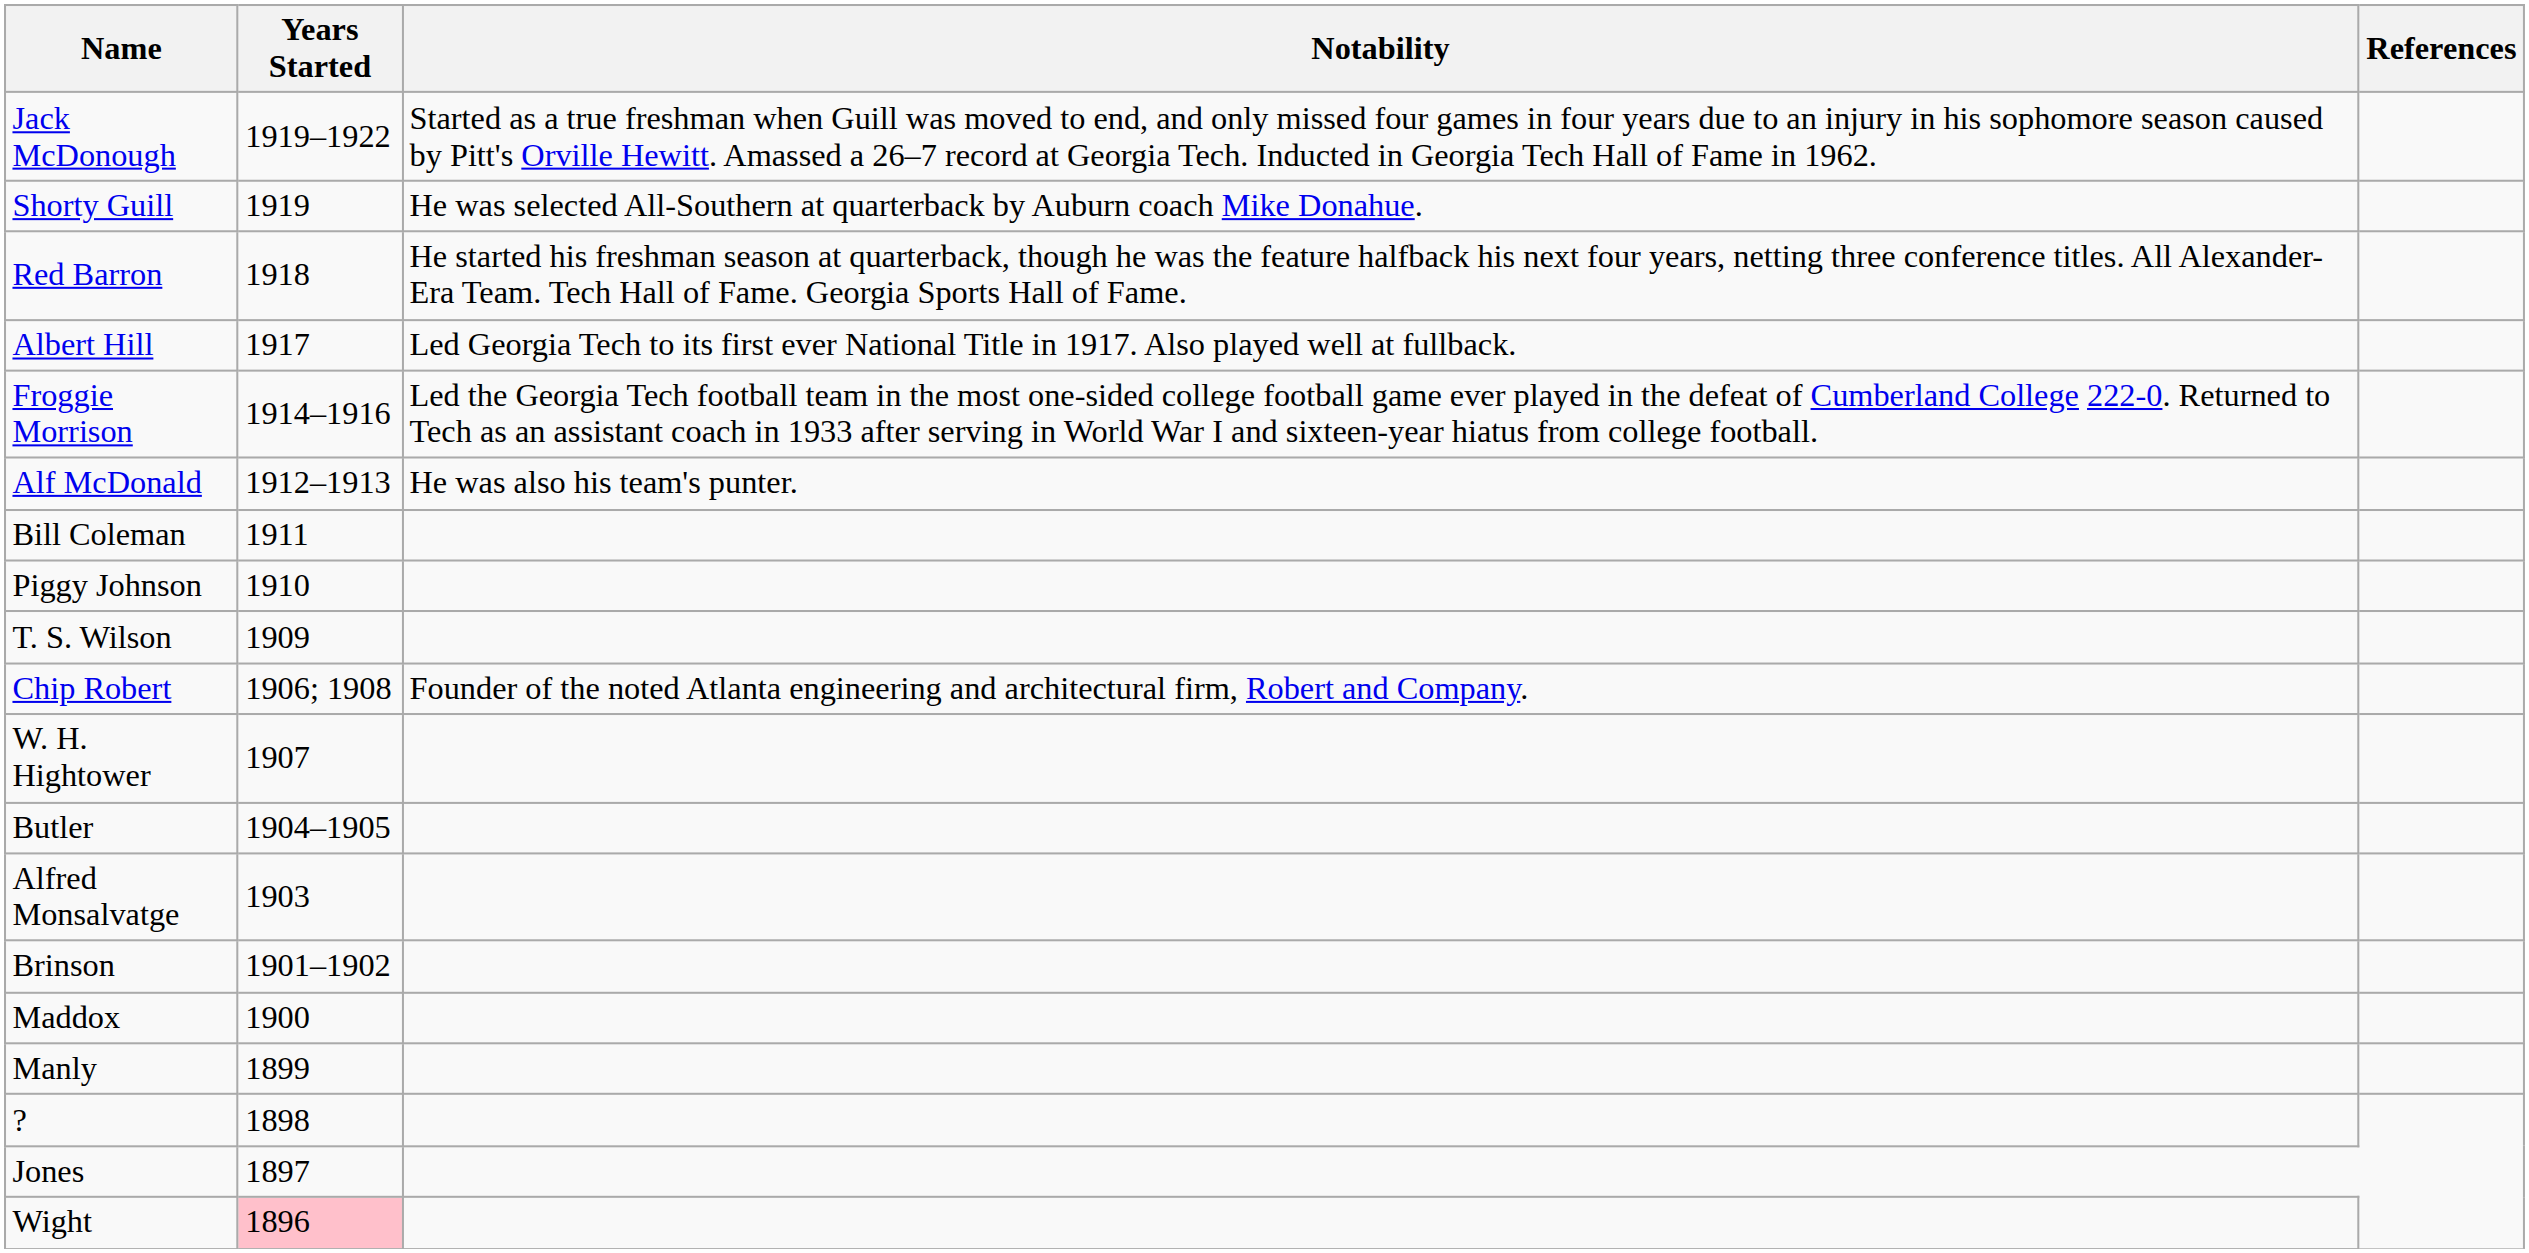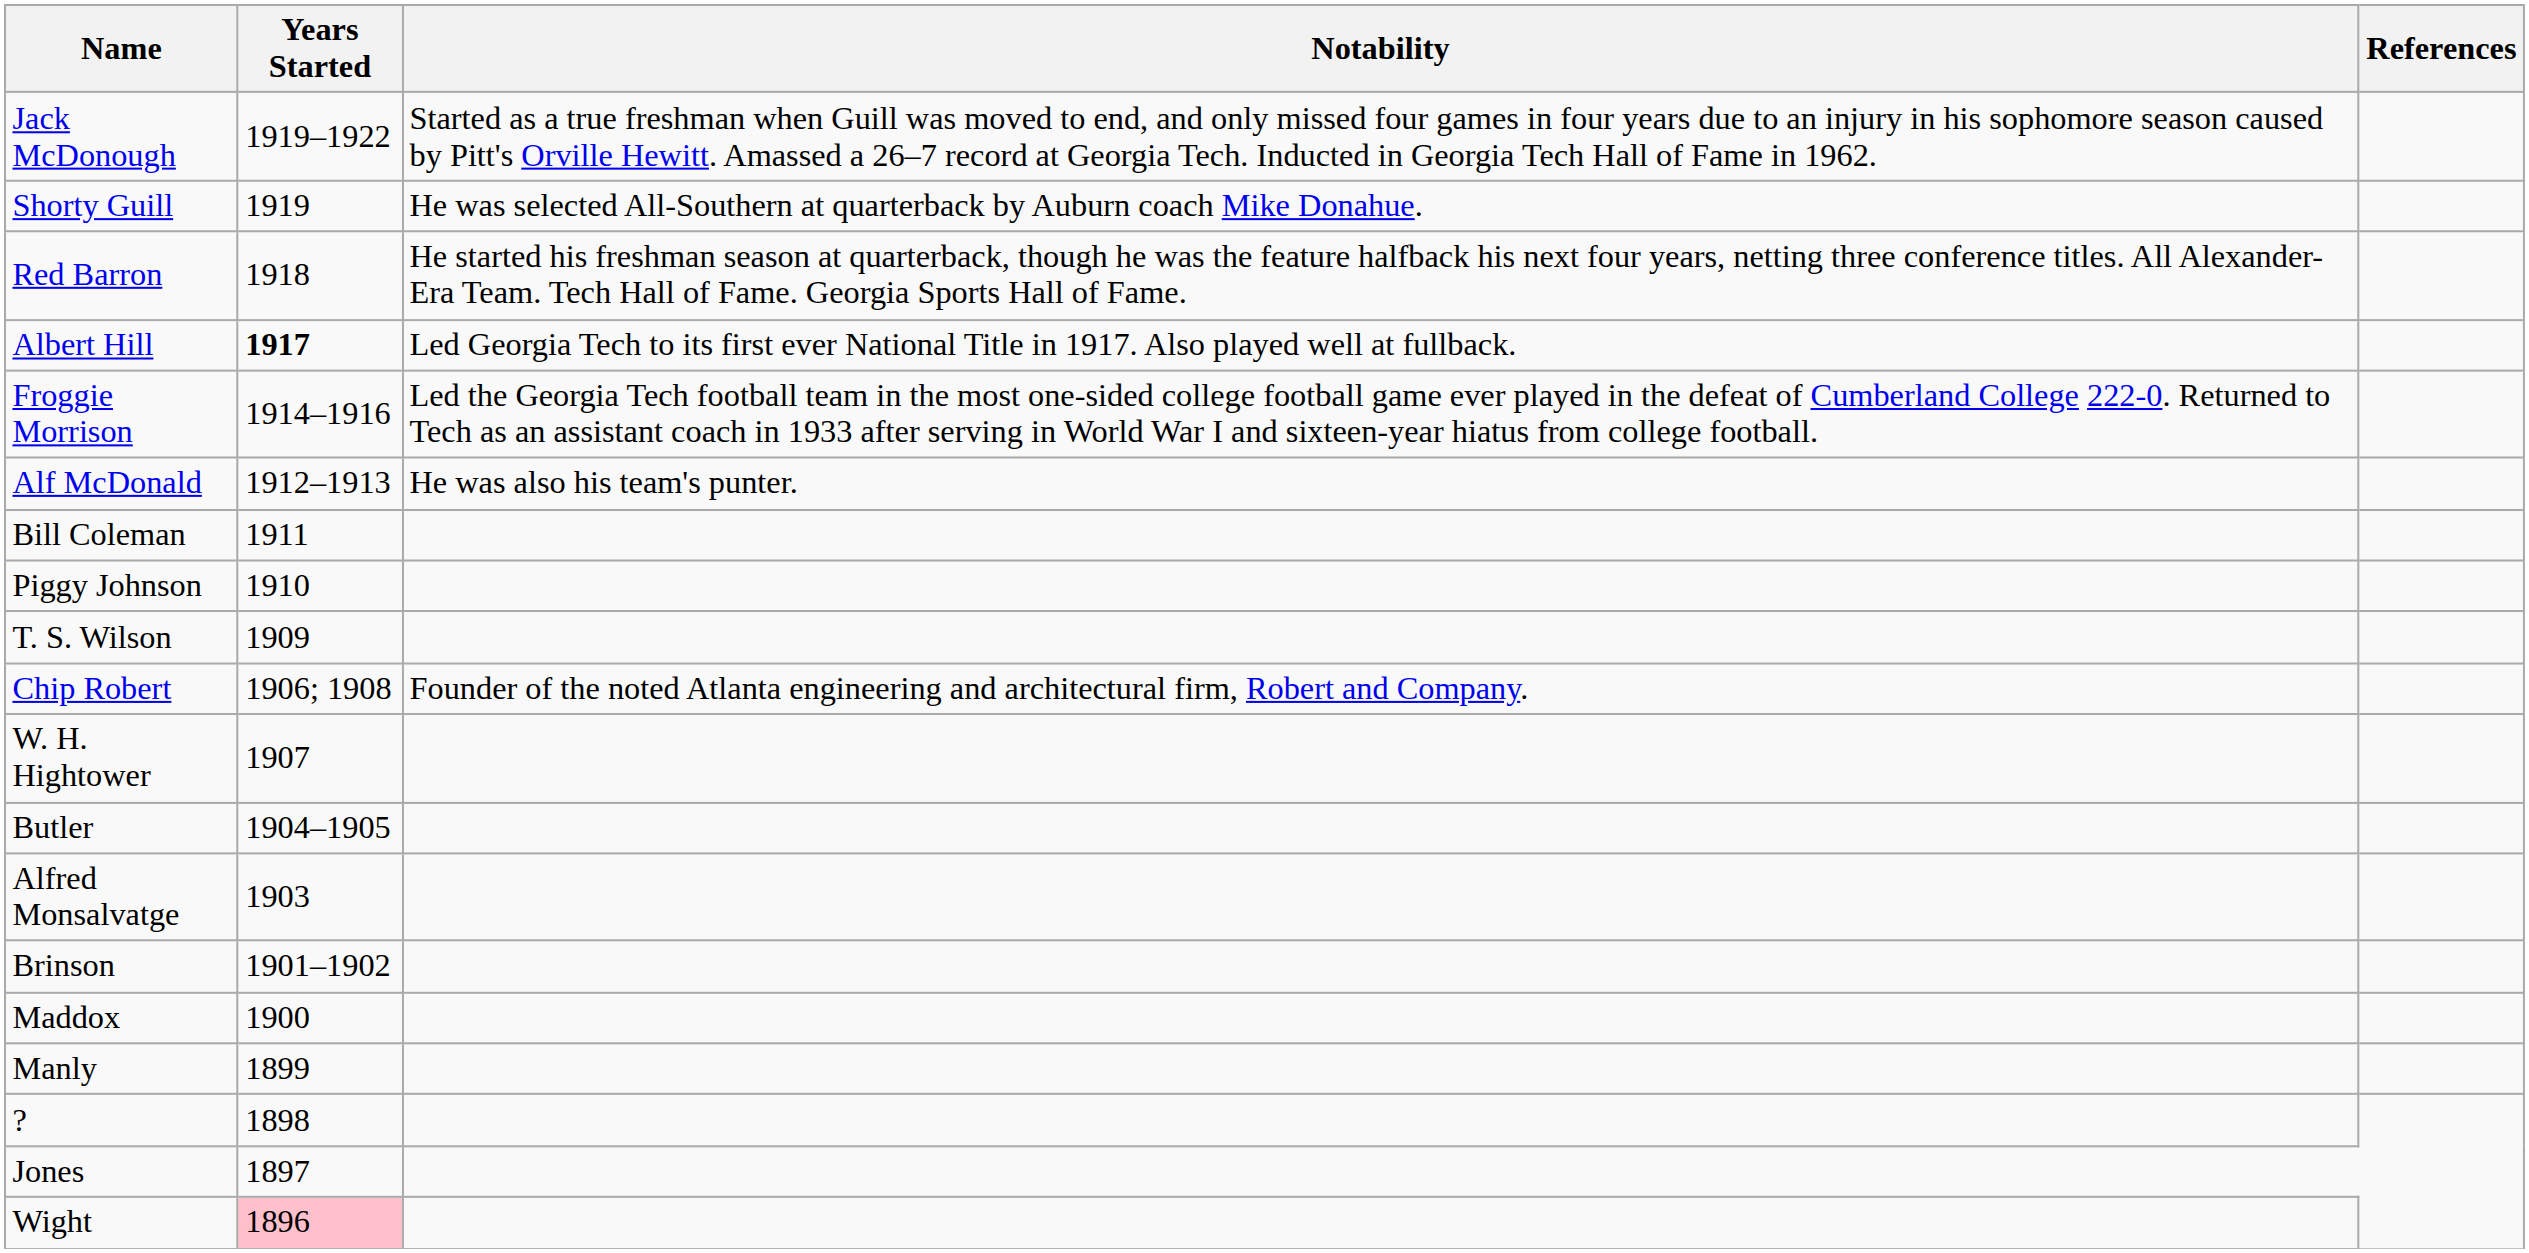 <table class="wikitable sortable" style="text-align:left;">
 <tr>
 <th>Name</th>
 <th>Years Started</th>
 <th>Notability</th>
 <th>References</th>
 </tr>
 <tr>
 <td><a href='#'>Jack McDonough</a></td>
 <td>1919–1922</td>
 <td>Started as a true freshman when Guill was moved to end,  and only missed four games in four years due to an injury in his sophomore season caused by Pitt's <a href='#'>Orville Hewitt</a>.  Amassed a 26–7 record at Georgia Tech.  Inducted in Georgia Tech Hall of Fame in 1962.</td>
 <td></td>
 </tr>
 <tr>
 <td><a href='#'>Shorty Guill</a></td>
 <td>1919</td>
 <td>He was selected All-Southern at quarterback by Auburn coach <a href='#'>Mike Donahue</a>.</td>
 <td></td>
 </tr>
 <tr>
 <td><a href='#'>Red Barron</a></td>
 <td>1918</td>
 <td>He started his freshman season at quarterback, though he was the feature halfback his next four years, netting three conference titles. All Alexander-Era Team. Tech Hall of Fame. Georgia Sports Hall of Fame.</td>
 <td></td>
 </tr>
 <tr>
 <td><a href='#'>Albert Hill</a></td>
-<td>1917</td>
+<td><strong>1917</strong></td>
 <td>Led Georgia Tech to its first ever National Title in 1917. Also played well at fullback.</td>
 <td></td>
 </tr>
 <tr>
 <td><a href='#'>Froggie Morrison</a></td>
 <td>1914–1916</td>
 <td>Led the Georgia Tech football team in the most one-sided college football game ever played in the defeat of <a href='#'>Cumberland College</a> <a href='#'>222-0</a>. Returned to Tech as an assistant coach in 1933 after serving in World War I and sixteen-year hiatus from college football.</td>
 <td></td>
 </tr>
 <tr>
 <td><a href='#'>Alf McDonald</a></td>
 <td>1912–1913</td>
 <td>He was also his team's punter.</td>
 <td></td>
 </tr>
 <tr>
 <td>Bill Coleman</td>
 <td>1911</td>
 <td></td>
 <td></td>
 </tr>
 <tr>
 <td>Piggy Johnson</td>
 <td>1910</td>
 <td></td>
 <td></td>
 </tr>
 <tr>
 <td>T. S. Wilson</td>
 <td>1909</td>
 <td></td>
 <td></td>
 </tr>
 <tr>
 <td><a href='#'>Chip Robert</a></td>
 <td>1906; 1908</td>
 <td>Founder of the noted Atlanta engineering and architectural firm, <a href='#'>Robert and Company</a>.</td>
 <td></td>
 </tr>
 <tr>
 <td>W. H. Hightower</td>
 <td>1907</td>
 <td></td>
 <td></td>
 </tr>
 <tr>
 <td>Butler</td>
 <td>1904–1905</td>
 <td></td>
 <td></td>
 </tr>
 <tr>
 <td>Alfred Monsalvatge</td>
 <td>1903</td>
 <td></td>
 <td></td>
 </tr>
 <tr>
 <td>Brinson</td>
 <td>1901–1902</td>
 <td></td>
 <td></td>
 </tr>
 <tr>
 <td>Maddox</td>
 <td>1900</td>
 <td></td>
 </tr>
 <tr>
 <td>Manly</td>
 <td>1899</td>
 <td></td>
 <td></td>
 </tr>
 <tr>
 <td>?</td>
 <td>1898</td>
 <td></td>
 </tr>
 <tr>
 <td>Jones</td>
 <td>1897</td>
 </tr>
 <tr>
 <td>Wight</td>
 <td style="background: pink;">1896</td>
 <td></td>
 </tr>
 <tr>
 </tr>
 </table>
